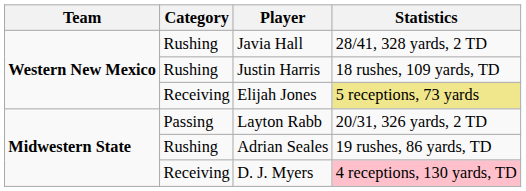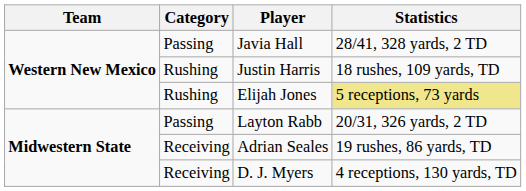 <table class="wikitable" style="float: left;">
 <tr>
 <th>Team</th>
 <th>Category</th>
 <th>Player</th>
 <th>Statistics</th>
 </tr>
 <tr>
 <td rowspan=3><strong>Western New Mexico</strong></td>
-<td>Rushing</td>
+<td>Passing</td>
 <td>Javia Hall</td>
 <td>28/41, 328 yards, 2 TD</td>
 </tr>
 <tr>
 <td>Rushing</td>
 <td>Justin Harris</td>
 <td>18 rushes, 109 yards, TD</td>
 </tr>
 <tr>
-<td>Receiving</td>
+<td>Rushing</td>
 <td>Elijah Jones</td>
 <td style="background: khaki;">5 receptions, 73 yards</td>
 </tr>
 <tr>
 <td rowspan=3><strong>Midwestern State</strong></td>
 <td>Passing</td>
 <td>Layton Rabb</td>
 <td>20/31, 326 yards, 2 TD</td>
 </tr>
 <tr>
-<td>Rushing</td>
+<td>Receiving</td>
 <td>Adrian Seales</td>
 <td>19 rushes, 86 yards, TD</td>
 </tr>
 <tr>
 <td>Receiving</td>
 <td>D. J. Myers</td>
-<td style="background: pink;">4 receptions, 130 yards, TD</td>
+<td>4 receptions, 130 yards, TD</td>
 </tr>
 </table>
